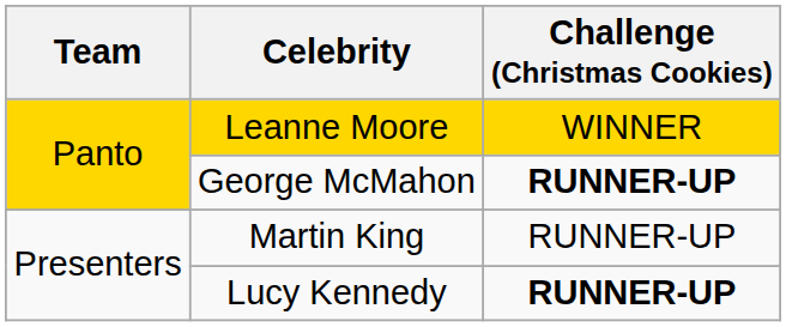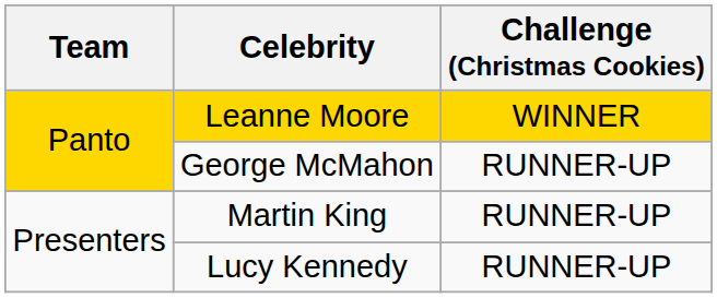 <table class="wikitable" style="text-align:center;">
 <tr>
 <th>Team</th>
 <th>Celebrity</th>
 <th>Challenge<br><small>(Christmas Cookies)</small></th>
 </tr>
 <tr style="background:gold">
 <td rowspan="2">Panto</td>
 <td>Leanne Moore</td>
 <td>WINNER</td>
 </tr>
 <tr>
 <td>George McMahon</td>
-<td><strong>RUNNER-UP</strong></td>
+<td>RUNNER-UP</td>
 </tr>
 <tr>
 <td rowspan="2">Presenters</td>
 <td>Martin King</td>
 <td>RUNNER-UP</td>
 </tr>
 <tr>
 <td>Lucy Kennedy</td>
-<td><strong>RUNNER-UP</strong></td>
+<td>RUNNER-UP</td>
 </tr>
 </table>
